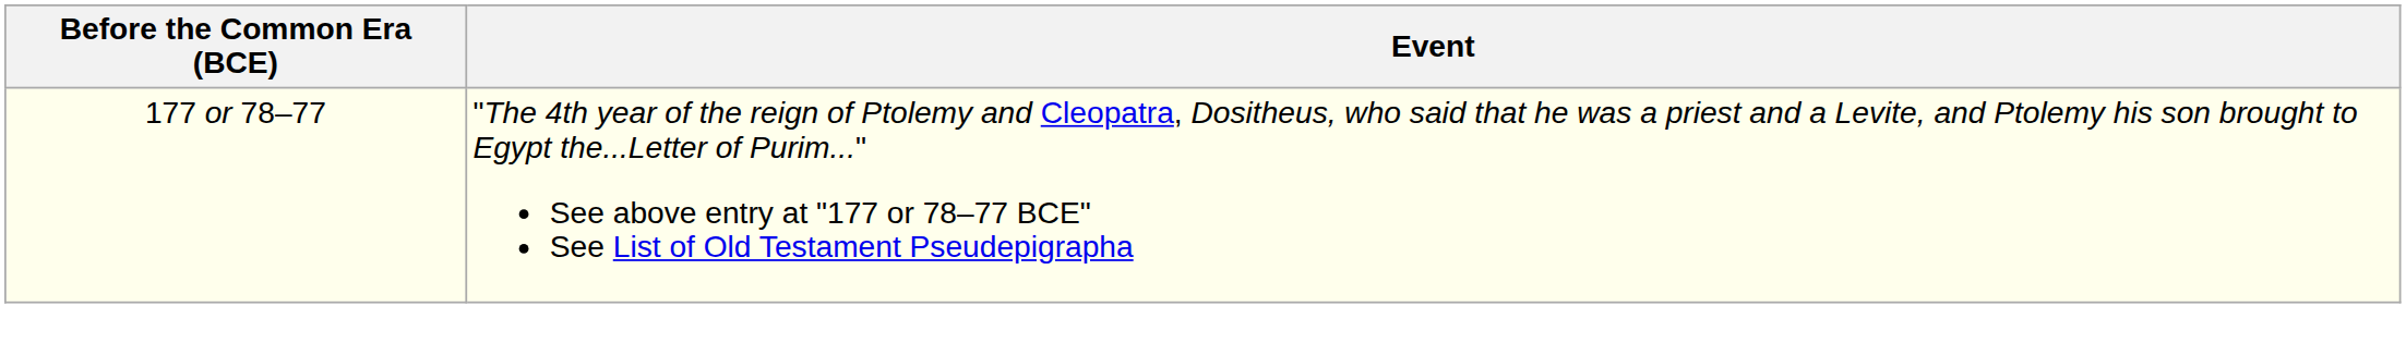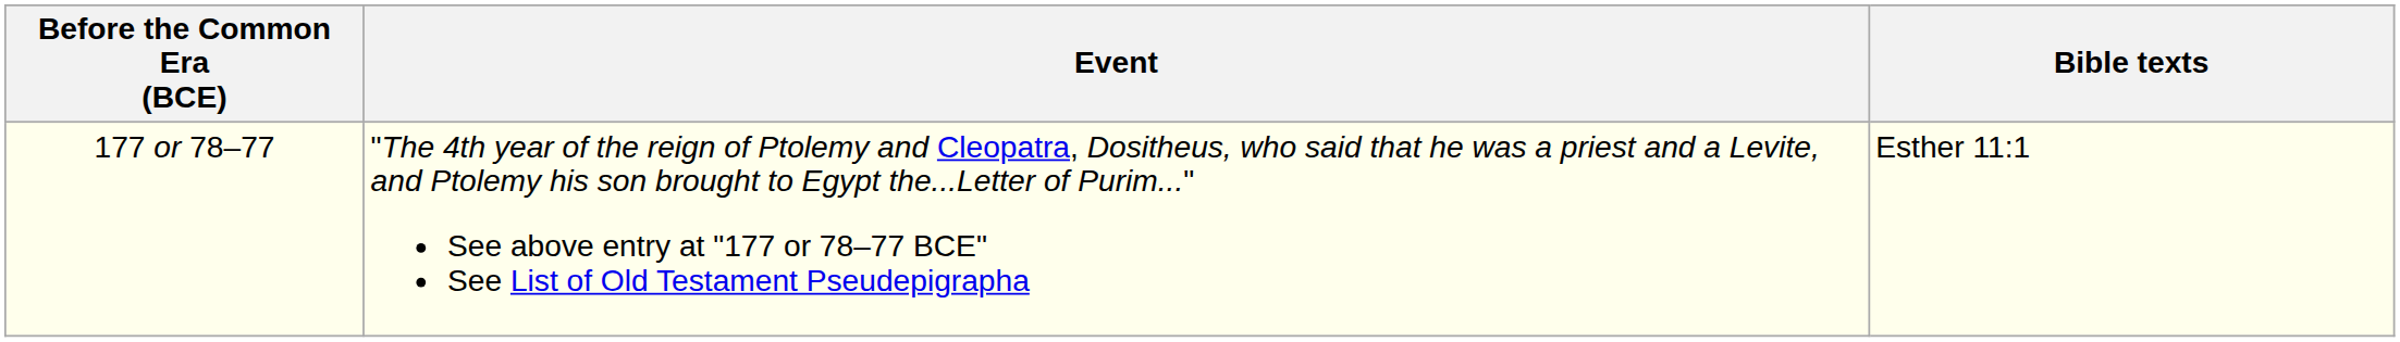 <table class="wikitable" style="align:center;">
 <tr>
 <th style="width:15%;">Before the Common Era<br>(BCE)</th>
 <th style="width:63%;">Event</th>
+<th style="width:22%;">Bible texts</th>
 </tr>
 <tr style="text-align:left; background:#ffffec; vertical-align:top;">
 <td style="text-align:center;">177 <em>or</em> 78–77</td>
 <td>"<em>The 4th year of the reign of Ptolemy and </em><a href='#'>Cleopatra</a>, <em>Dositheus, who said that he was a priest and a Levite, and Ptolemy his son brought to Egypt the...Letter of Purim...</em>"<br><ul><li>See above entry at "177 or 78–77 BCE"</li><li>See <a href='#'>List of Old Testament Pseudepigrapha</a></li></ul></td>
+<td>Esther 11:1</td>
 </tr>
 </table>
